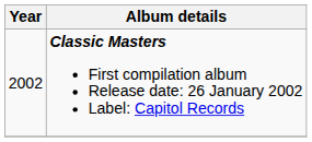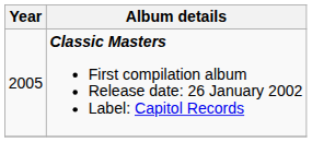 <table class="wikitable" style="text-align:center;">
 <tr>
 <th>Year</th>
 <th>Album details</th>
 </tr>
 <tr>
-<td>2002</td>
+<td>2005</td>
 <td align="left"><strong><em>Classic Masters</em></strong><br><ul><li>First compilation album</li><li>Release date: 26 January 2002</li><li>Label: <a href='#'>Capitol Records</a></li></ul></td>
 </tr>
 <tr>
 </tr>
 </table>
